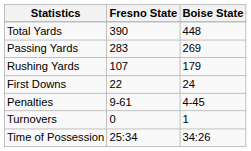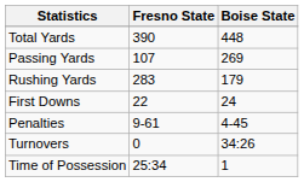 <table class="wikitable">
 <tr>
 <th>Statistics</th>
 <th>Fresno State</th>
 <th>Boise State</th>
 </tr>
 <tr>
 </tr>
 <tr>
 <td>Total Yards</td>
 <td>390</td>
 <td>448</td>
 </tr>
 <tr>
 <td>Passing Yards</td>
-<td>283</td>
+<td>107</td>
 <td>269</td>
 </tr>
 <tr>
 <td>Rushing Yards</td>
-<td>107</td>
+<td>283</td>
 <td>179</td>
 </tr>
 <tr>
 <td>First Downs</td>
 <td>22</td>
 <td>24</td>
 </tr>
 <tr>
 <td>Penalties</td>
 <td>9-61</td>
 <td>4-45</td>
 </tr>
 <tr>
 <td>Turnovers</td>
 <td>0</td>
-<td>1</td>
+<td>34:26</td>
 </tr>
 <tr>
 <td>Time of Possession</td>
 <td>25:34</td>
-<td>34:26</td>
+<td>1</td>
 </tr>
 </table>
